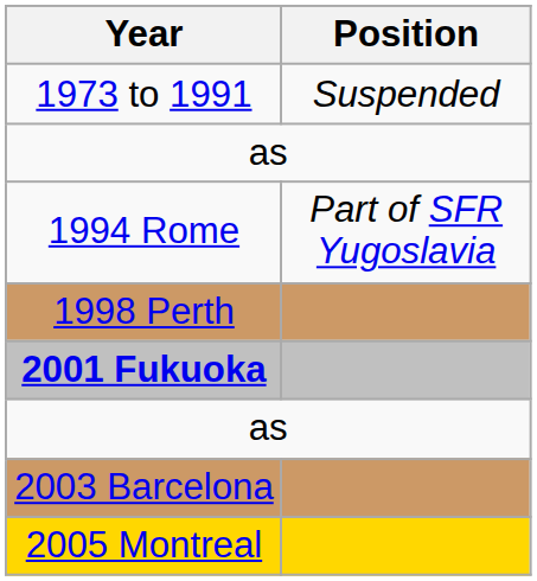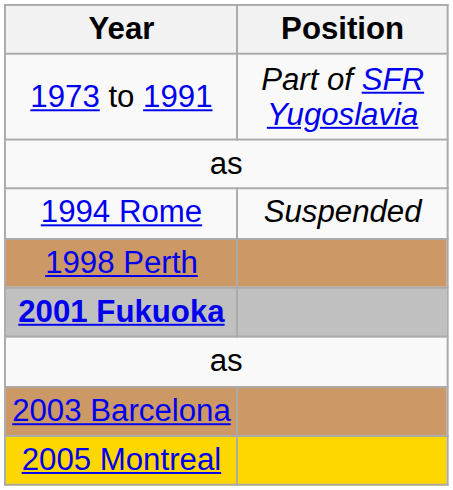 <table class="wikitable" style="text-align: center;">
 <tr>
 <th>Year</th>
 <th width="100">Position</th>
 </tr>
 <tr>
 <td style="text-align: middle; "><a href='#'>1973</a> to <a href='#'>1991</a></td>
-<td><em>Suspended</em></td>
+<td><em>Part of <a href='#'>SFR Yugoslavia</a></em></td>
 </tr>
 <tr>
 <td colspan=2>as <strong></strong></td>
 </tr>
 <tr>
 <td> <a href='#'>1994 Rome</a></td>
-<td><em>Part of <a href='#'>SFR Yugoslavia</a></em></td>
+<td><em>Suspended</em></td>
 </tr>
 <tr bgcolor=cc9966>
 <td> <a href='#'>1998 Perth</a></td>
 <td></td>
 </tr>
 <tr bgcolor=silver>
 <td><strong> <a href='#'>2001 Fukuoka</a></strong></td>
 <td></td>
 </tr>
 <tr>
 <td colspan=2>as <strong></strong></td>
 </tr>
 <tr bgcolor=cc9966>
 <td> <a href='#'>2003 Barcelona</a></td>
 <td></td>
 </tr>
 <tr bgcolor=gold>
 <td> <a href='#'>2005 Montreal</a></td>
 <td></td>
 </tr>
 </table>
